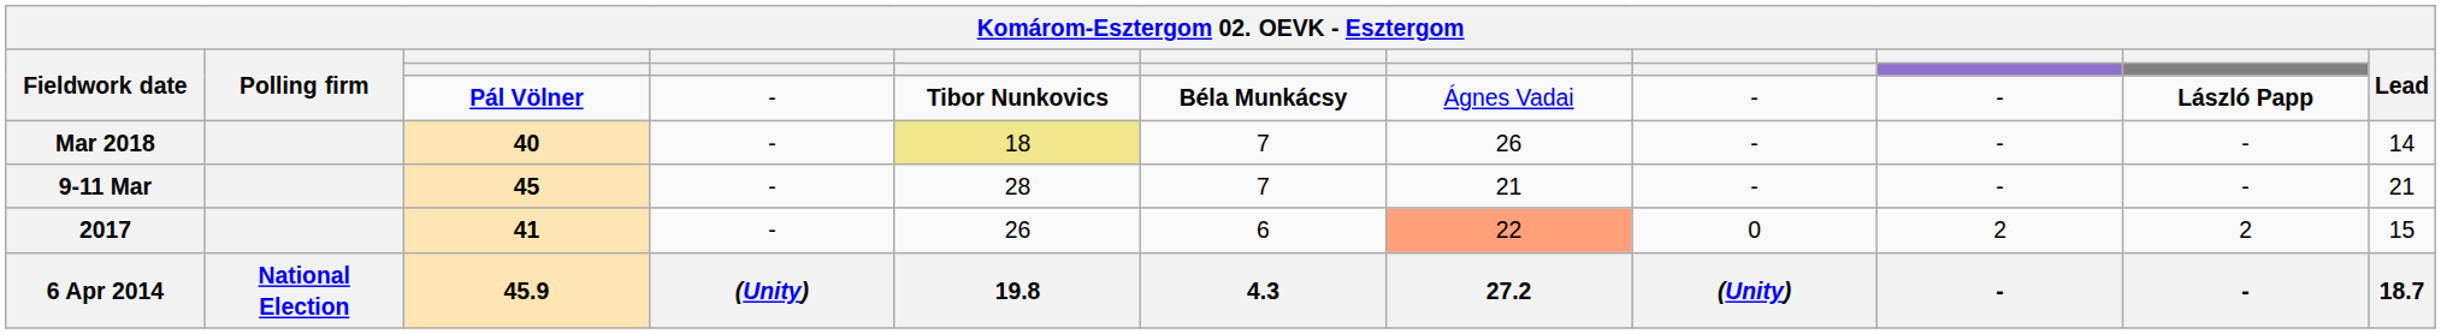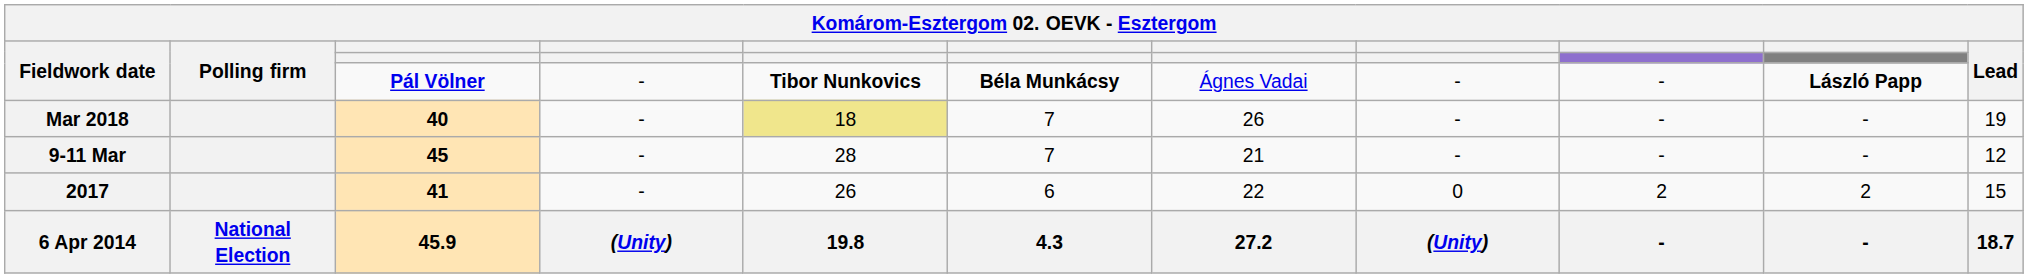 <table class="wikitable mw-collapsible mw-collapsed" style="text-align:center">
 <tr>
 <th colspan="11" style="width: 980pt;"><small><a href='#'>Komárom-Esztergom</a> 02.</small> <small>OEVK - <a href='#'>Esztergom</a></small></th>
 </tr>
 <tr>
 <th rowspan="3" style="width: 80pt;"><small>Fieldwork</small> <small>date</small></th>
 <th rowspan="3" style="width: 80pt;"><strong><small>Polling</small> <small>firm</small></strong></th>
 <th style="width: 100pt;"><small></small></th>
 <th style="width: 100pt;"><small> </small></th>
 <th style="width: 100pt;"></th>
 <th style="width: 100pt;"></th>
 <th style="width: 100pt;"></th>
 <th style="width: 100pt;"></th>
 <th style="width: 100pt;"></th>
 <th style="width: 100pt;"></th>
 <th rowspan="3" style="width: 20pt;"><small>Lead</small></th>
 </tr>
 <tr>
 <th style="color:inherit;background:"></th>
 <th style="color:inherit;background:"></th>
 <th style="color:inherit;background:"></th>
 <th style="color:inherit;background:"></th>
 <th style="color:inherit;background:"></th>
 <th style="color:inherit;background:"></th>
 <th style="color:inherit;background:#8E6FCE;"></th>
 <th style="color:inherit;background:#808080;"></th>
 </tr>
 <tr>
 <td><a href='#'><small><strong>Pál Völner</strong></small></a></td>
 <td><small>-</small></td>
 <td><small><strong>Tibor Nunkovics</strong></small></td>
 <td><small><strong>Béla Munkácsy</strong></small></td>
 <td><small><a href='#'>Ágnes Vadai</a></small></td>
 <td><small>-</small></td>
 <td><small>-</small></td>
 <td><small><strong>László Papp</strong></small></td>
 </tr>
 <tr>
 <th><small>Mar 2018</small></th>
 <th><small></small></th>
 <td style="background:#FFE5B4"><small><strong>40</strong></small></td>
 <td><small>-</small></td>
 <td style="background: khaki;"><small>18</small></td>
 <td><small>7</small></td>
 <td><small>26</small></td>
 <td><small>-</small></td>
 <td><small>-</small></td>
 <td><small>-</small></td>
-<td style="background:"><small>14</small></td>
+<td style="background:"><small>19</small></td>
 </tr>
 <tr>
 <th><small>9-11 Mar</small></th>
 <th><small></small></th>
 <td style="background:#FFE5B4"><strong><small>45</small></strong></td>
 <td><small>-</small></td>
 <td><small>28</small></td>
 <td><small>7</small></td>
 <td><small>21</small></td>
 <td><small>-</small></td>
 <td><small>-</small></td>
 <td><small>-</small></td>
-<td style="background:"><small>21</small></td>
+<td style="background:"><small>12</small></td>
 </tr>
 <tr>
 <th><small>2017</small></th>
 <th><small></small></th>
 <td style="background:#FFE5B4"><strong><small>41</small></strong></td>
 <td><small>-</small></td>
 <td><small>26</small></td>
 <td><small>6</small></td>
-<td style="background: lightsalmon;"><small>22</small></td>
+<td><small>22</small></td>
 <td><small>0</small></td>
 <td><small>2</small></td>
 <td><small>2</small></td>
 <td style="background:"><small>15</small></td>
 </tr>
 <tr>
 <th><small>6 Apr 2014</small></th>
 <th><a href='#'><small>National Election</small></a></th>
 <th style="background:#FFE5B4"><small>45.9</small></th>
 <th><small><em>(<a href='#'>Unity</a>)</em></small></th>
 <th><small>19.8</small></th>
 <th><small>4.3</small></th>
 <th><small>27.2</small></th>
 <th><small><em>(<a href='#'>Unity</a>)</em></small></th>
 <th><small>-</small></th>
 <th><small>-</small></th>
 <th style="background:"><small>18.7</small></th>
 </tr>
 </table>
